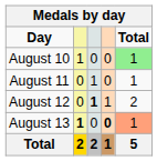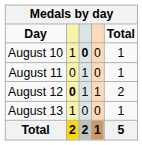 <table class="wikitable" style="font-size:85%; float:right">
 <tr align=center>
 <th colspan=7><strong>Medals by day</strong></th>
 </tr>
 <tr align=center>
 <td><strong>Day</strong></td>
 <td style="background:#f7f6a8;"></td>
 <td style="background:#dce5e5;"></td>
 <td style="background:#ffdab9;"></td>
 <td><strong>Total</strong></td>
 </tr>
 <tr align=center>
 <td>August 10</td>
 <td style="background:#f7f6a8;">1</td>
-<td style="background:#dce5e5;">0</td>
+<td style="background:#dce5e5;"><strong>0</strong></td>
 <td style="background:#ffdab9;">0</td>
-<td style="background: lightgreen;">1</td>
+<td>1</td>
 </tr>
 <tr align=center>
 <td>August 11</td>
 <td style="background:#f7f6a8;">0</td>
 <td style="background:#dce5e5;">1</td>
 <td style="background:#ffdab9;">0</td>
 <td>1</td>
 </tr>
 <tr align=center>
 <td>August 12</td>
-<td style="background:#f7f6a8;">0</td>
-<td style="background:#dce5e5;"><strong>1</strong></td>
+<td style="background:#f7f6a8;"><strong>0</strong></td>
+<td style="background:#dce5e5;">1</td>
 <td style="background:#ffdab9;">1</td>
 <td>2</td>
 </tr>
 <tr align=center>
 <td>August 13</td>
-<td style="background:#f7f6a8;"><strong>1</strong></td>
+<td style="background:#f7f6a8;">1</td>
 <td style="background:#dce5e5;">0</td>
-<td style="background:#ffdab9;"><strong>0</strong></td>
-<td style="background: lightsalmon;">1</td>
+<td style="background:#ffdab9;">0</td>
+<td>1</td>
 </tr>
 <tr align=center>
 <th><strong>Total</strong></th>
 <th style="background:gold;"><strong>2</strong></th>
 <th style="background:silver;"><strong>2</strong></th>
 <th style="background:#c96;"><strong>1</strong></th>
 <th><strong>5</strong></th>
 </tr>
 </table>
